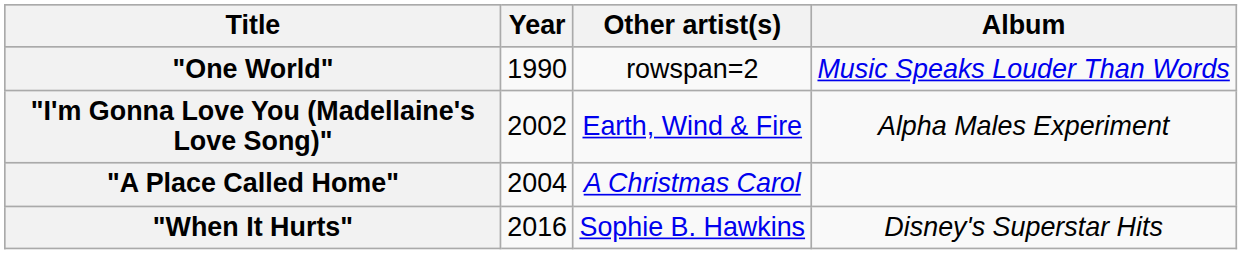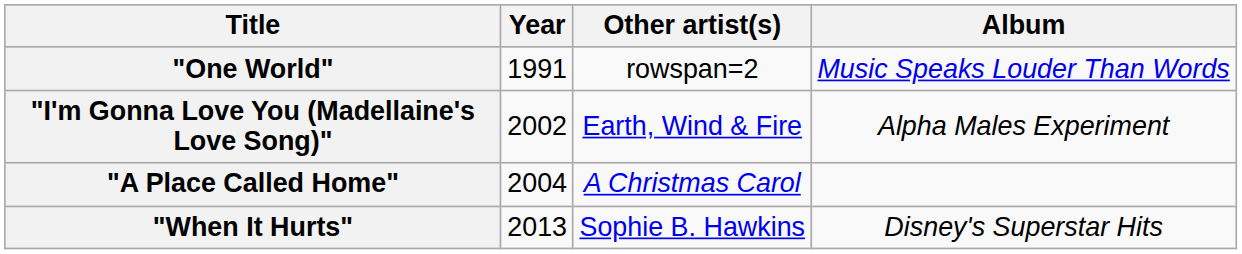 <table class="wikitable plainrowheaders" style="text-align:center;" border="1">
 <tr>
 <th scope="col" style="width:18em;">Title</th>
 <th scope="col">Year</th>
 <th scope="col">Other artist(s)</th>
 <th scope="col">Album</th>
 </tr>
 <tr>
 <th scope="row">"One World"</th>
-<td>1990</td>
+<td>1991</td>
 <td>rowspan=2 </td>
 <td><em><a href='#'>Music Speaks Louder Than Words</a></em></td>
 </tr>
 <tr>
 <th scope="row">"I'm Gonna Love You (Madellaine's Love Song)"</th>
 <td>2002</td>
 <td><a href='#'>Earth, Wind & Fire</a></td>
 <td><em>Alpha Males Experiment</em></td>
 </tr>
 <tr>
 <th scope="row">"A Place Called Home"</th>
 <td rowspan=1>2004</td>
 <td><em><a href='#'>A Christmas Carol</a></em></td>
 </tr>
 <tr>
 <th scope="row">"When It Hurts"</th>
-<td>2016</td>
+<td>2013</td>
 <td><a href='#'>Sophie B. Hawkins</a></td>
 <td><em>Disney's Superstar Hits</em></td>
 </tr>
 </table>
